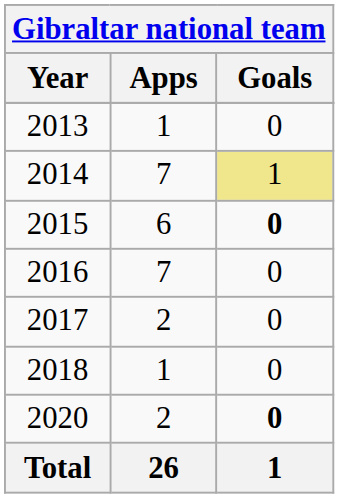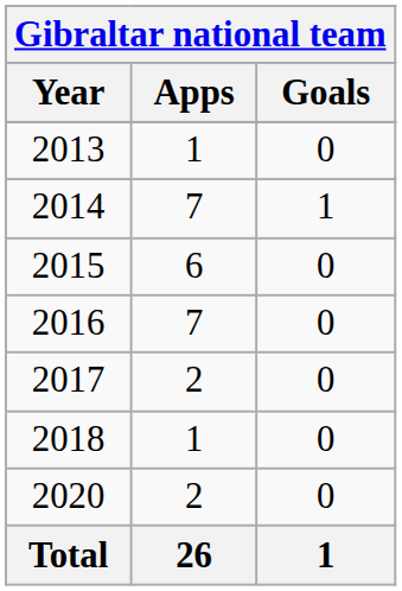 <table class="wikitable" style="text-align:center">
 <tr>
 <th colspan=3><a href='#'>Gibraltar national team</a></th>
 </tr>
 <tr>
 <th>Year</th>
 <th>Apps</th>
 <th>Goals</th>
 </tr>
 <tr>
 </tr>
 <tr>
 <td>2013</td>
 <td>1</td>
 <td>0</td>
 </tr>
 <tr>
 <td>2014</td>
 <td>7</td>
-<td style="background: khaki;">1</td>
+<td>1</td>
 </tr>
 <tr>
 <td>2015</td>
 <td>6</td>
-<td><strong>0</strong></td>
+<td>0</td>
 </tr>
 <tr>
 <td>2016</td>
 <td>7</td>
 <td>0</td>
 </tr>
 <tr>
 <td>2017</td>
 <td>2</td>
 <td>0</td>
 </tr>
 <tr>
 <td>2018</td>
 <td>1</td>
 <td>0</td>
 </tr>
 <tr>
 <td>2020</td>
 <td>2</td>
-<td><strong>0</strong></td>
+<td>0</td>
 </tr>
 <tr>
 <th>Total</th>
 <th>26</th>
 <th>1</th>
 </tr>
 </table>
